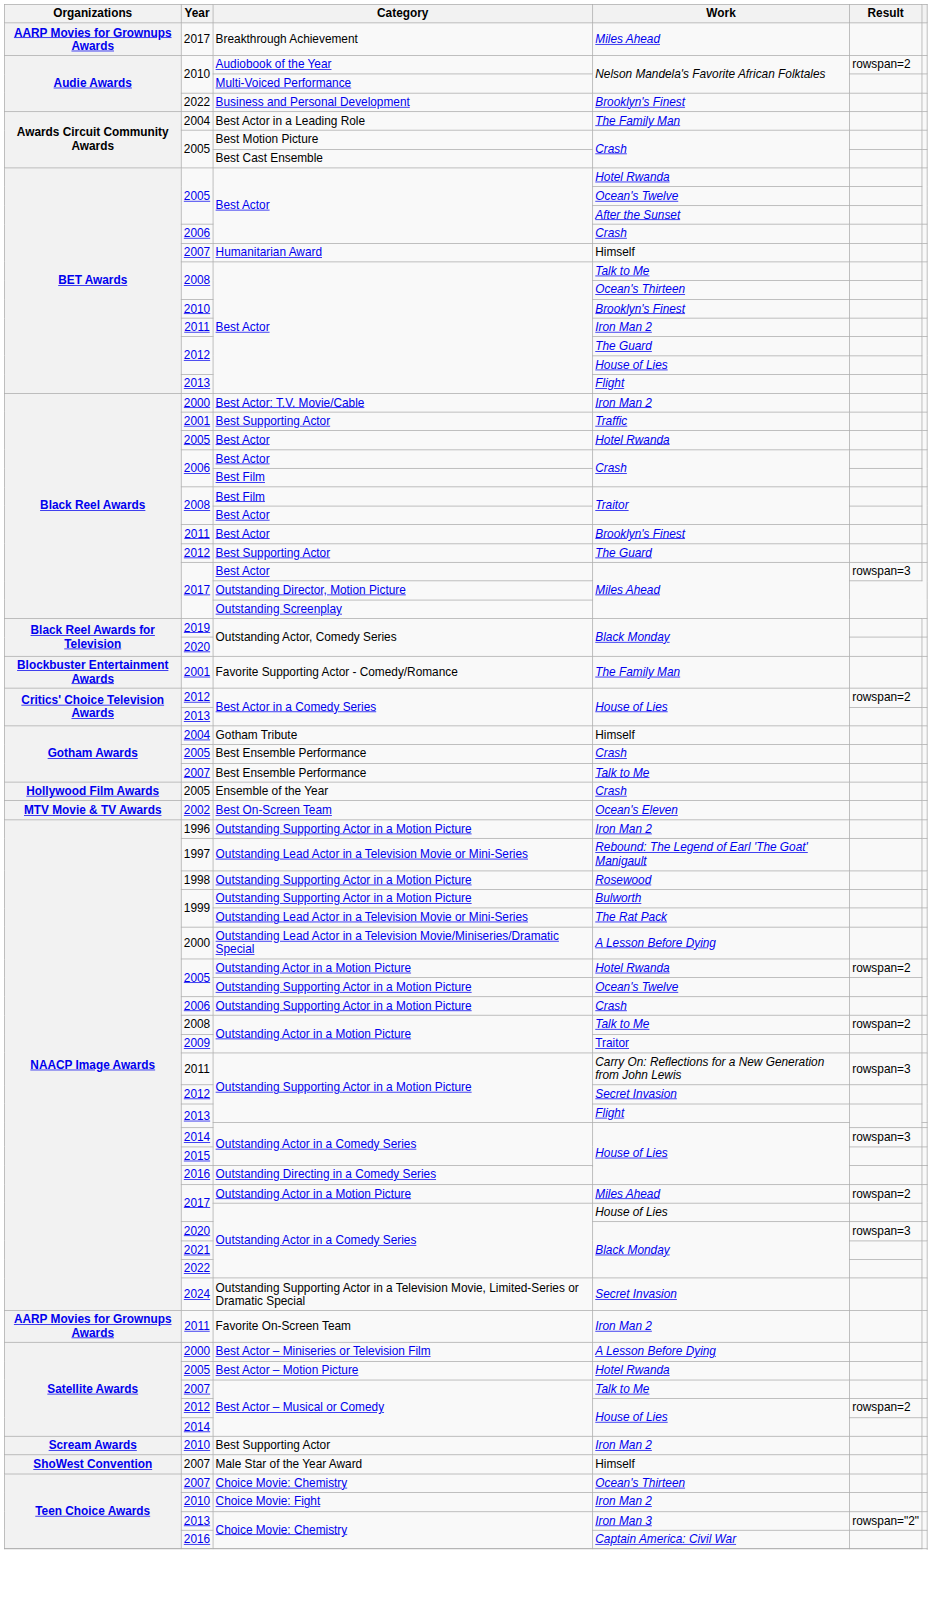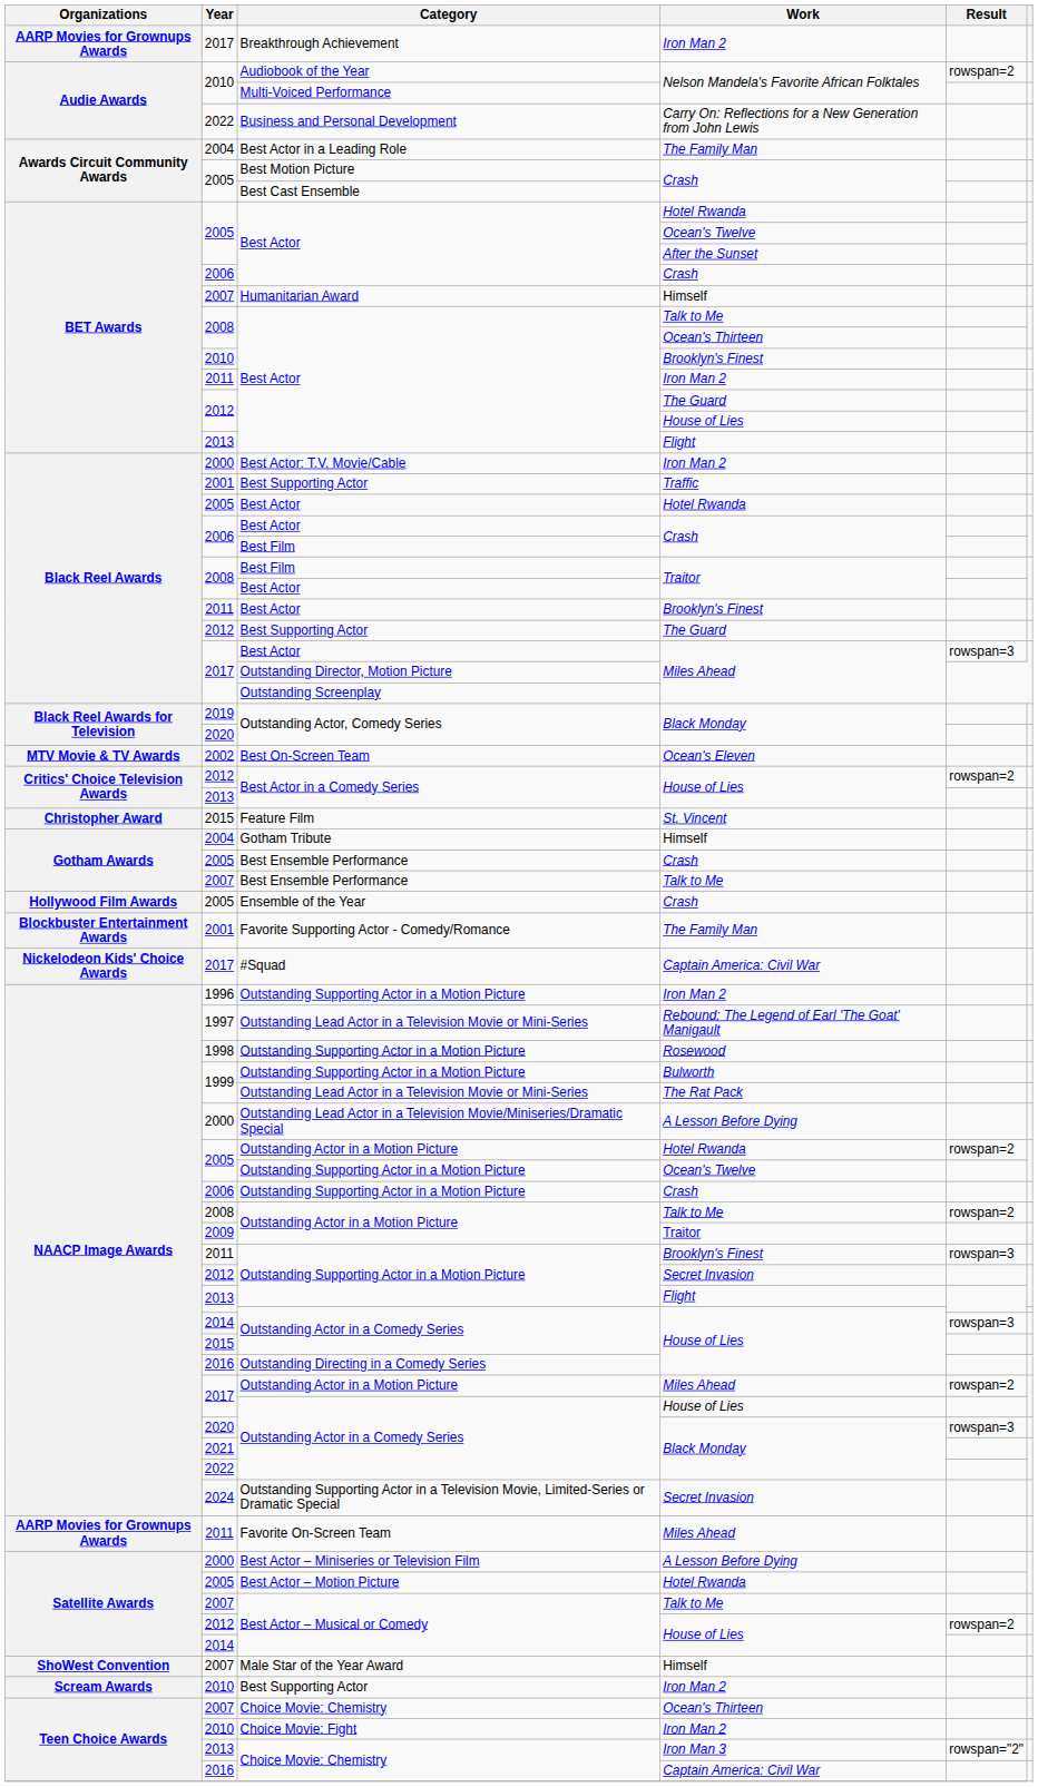 <table class= "wikitable plainrowheaders sortable">
 <tr>
 <th>Organizations</th>
 <th scope="col">Year</th>
 <th scope="col">Category</th>
 <th scope="col">Work</th>
 <th scope="col">Result</th>
 <th scope="col" class="unsortable"></th>
 </tr>
 <tr>
 <th scope="row" rowspan="1"><a href='#'>AARP Movies for Grownups Awards</a></th>
 <td style="text-align:center;">2017</td>
 <td>Breakthrough Achievement</td>
-<td><em><a href='#'>Miles Ahead</a></em></td>
+<td><em><a href='#'>Iron Man 2</a></em></td>
 <td></td>
 <td style="text-align:center;"></td>
 </tr>
 <tr>
 <th scope="row" rowspan="3"><a href='#'>Audie Awards</a></th>
 <td style="text-align:center;", rowspan=2>2010</td>
 <td><a href='#'>Audiobook of the Year</a></td>
 <td rowspan=2><em>Nelson Mandela's Favorite African Folktales</em></td>
 <td>rowspan=2 </td>
 <td rowspan=1></td>
 </tr>
 <tr>
 <td><a href='#'>Multi-Voiced Performance</a></td>
 <td></td>
 </tr>
 <tr>
 <td style="text-align:center;">2022</td>
 <td><a href='#'>Business and Personal Development</a></td>
-<td><em><a href='#'>Brooklyn's Finest</a></em></td>
+<td><em>Carry On: Reflections for a New Generation from John Lewis </em></td>
 <td></td>
 <td></td>
 </tr>
 <tr>
 <th scope="row" rowspan="3">Awards Circuit Community Awards</th>
 <td>2004</td>
 <td>Best Actor in a Leading Role</td>
 <td><em><a href='#'>The Family Man</a></em></td>
 <td></td>
 <td></td>
 </tr>
 <tr>
 <td rowspan=2>2005</td>
 <td>Best Motion Picture</td>
 <td rowspan=2><em><a href='#'>Crash</a></em></td>
 <td></td>
 <td></td>
 </tr>
 <tr>
 <td>Best Cast Ensemble</td>
 <td></td>
 <td></td>
 </tr>
 <tr>
 <th scope="row" rowspan="12"><a href='#'>BET Awards</a></th>
 <td rowspan="3" style="text-align:center;"><a href='#'>2005</a></td>
 <td rowspan="4"><a href='#'>Best Actor</a></td>
 <td><em><a href='#'>Hotel Rwanda</a></em></td>
 <td></td>
 <td style="text-align: center;" rowspan="3"></td>
 </tr>
 <tr>
 <td><em><a href='#'>Ocean's Twelve</a></em></td>
 <td></td>
 </tr>
 <tr>
 <td><em><a href='#'>After the Sunset</a></em></td>
 <td></td>
 </tr>
 <tr>
 <td style="text-align:center;"><a href='#'>2006</a></td>
 <td><em><a href='#'>Crash</a></em></td>
 <td></td>
 <td style="text-align: center;"></td>
 </tr>
 <tr>
 <td style="text-align:center;"><a href='#'>2007</a></td>
 <td><a href='#'>Humanitarian Award</a></td>
 <td>Himself</td>
 <td></td>
 <td style="text-align: center;"></td>
 </tr>
 <tr>
 <td rowspan="2" style="text-align:center;"><a href='#'>2008</a></td>
 <td rowspan="7"><a href='#'>Best Actor</a></td>
 <td><em><a href='#'>Talk to Me</a></em></td>
 <td></td>
 <td style="text-align: center;" rowspan="2"></td>
 </tr>
 <tr>
 <td><em><a href='#'>Ocean's Thirteen</a></em></td>
 <td></td>
 </tr>
 <tr>
 <td style="text-align:center;"><a href='#'>2010</a></td>
 <td><em><a href='#'>Brooklyn's Finest</a></em></td>
 <td></td>
 <td style="text-align: center;" rowspan="1"></td>
 </tr>
 <tr>
 <td style="text-align:center;"><a href='#'>2011</a></td>
 <td><em><a href='#'>Iron Man 2</a></em></td>
 <td></td>
 <td style="text-align: center;" rowspan="1"></td>
 </tr>
 <tr>
 <td rowspan="2" style="text-align:center;"><a href='#'>2012</a></td>
 <td><em><a href='#'>The Guard</a></em></td>
 <td></td>
 <td style="text-align: center;" rowspan="2"></td>
 </tr>
 <tr>
 <td><em><a href='#'>House of Lies</a></em></td>
 <td></td>
 </tr>
 <tr>
 <td rowspan="1" style="text-align:center;"><a href='#'>2013</a></td>
 <td><em><a href='#'>Flight</a></em></td>
 <td></td>
 <td style="text-align: center;"></td>
 </tr>
 <tr>
 <th scope="row" rowspan="12"><a href='#'>Black Reel Awards</a></th>
 <td style="text-align:center;"><a href='#'>2000</a></td>
 <td><a href='#'>Best Actor: T.V. Movie/Cable</a></td>
 <td><em><a href='#'>Iron Man 2</a></em></td>
 <td></td>
 <td></td>
 </tr>
 <tr>
 <td style="text-align:center;"><a href='#'>2001</a></td>
 <td><a href='#'>Best Supporting Actor</a></td>
 <td><em><a href='#'>Traffic</a></em></td>
 <td></td>
 <td></td>
 </tr>
 <tr>
 <td style="text-align:center;"><a href='#'>2005</a></td>
 <td><a href='#'>Best Actor</a></td>
 <td><em><a href='#'>Hotel Rwanda</a></em></td>
 <td></td>
 <td></td>
 </tr>
 <tr>
 <td style="text-align:center;" rowspan=2><a href='#'>2006</a></td>
 <td><a href='#'>Best Actor</a></td>
 <td rowspan=2><em><a href='#'>Crash</a></em></td>
 <td></td>
 <td rowspan=2></td>
 </tr>
 <tr>
 <td><a href='#'>Best Film</a></td>
 <td></td>
 </tr>
 <tr>
 <td style="text-align:center;" rowspan=2><a href='#'>2008</a></td>
 <td><a href='#'>Best Film</a></td>
 <td rowspan=2><em><a href='#'>Traitor</a></em></td>
 <td></td>
 </tr>
 <tr>
 <td><a href='#'>Best Actor</a></td>
 <td></td>
 </tr>
 <tr>
 <td style="text-align:center;"><a href='#'>2011</a></td>
 <td><a href='#'>Best Actor</a></td>
 <td><em><a href='#'>Brooklyn's Finest</a></em></td>
 <td></td>
 <td></td>
 </tr>
 <tr>
 <td style="text-align:center;"><a href='#'>2012</a></td>
 <td><a href='#'>Best Supporting Actor</a></td>
 <td><em><a href='#'>The Guard</a></em></td>
 <td></td>
 <td></td>
 </tr>
 <tr>
 <td style="text-align:center;" rowspan=3><a href='#'>2017</a></td>
 <td><a href='#'>Best Actor</a></td>
 <td rowspan=3><em><a href='#'>Miles Ahead</a></em></td>
 <td>rowspan=3 </td>
 </tr>
 <tr>
 <td><a href='#'>Outstanding Director, Motion Picture</a></td>
 </tr>
 <tr>
 <td><a href='#'>Outstanding Screenplay</a></td>
 </tr>
 <tr>
 <th scope="row" rowspan="2"><a href='#'>Black Reel Awards for Television</a></th>
 <td><a href='#'>2019</a></td>
 <td rowspan=2>Outstanding Actor, Comedy Series</td>
 <td rowspan=2><em><a href='#'>Black Monday</a></em></td>
 <td></td>
 <td></td>
 </tr>
 <tr>
 <td><a href='#'>2020</a></td>
 <td></td>
 <td style="text-align:center;"></td>
 </tr>
 <tr>
-<th scope="row" rowspan="1"><a href='#'>Blockbuster Entertainment Awards</a></th>
-<td><a href='#'>2001</a></td>
-<td>Favorite Supporting Actor - Comedy/Romance</td>
-<td><em><a href='#'>The Family Man</a></em></td>
+<th scope="row" rowspan="1"><a href='#'>MTV Movie & TV Awards</a></th>
+<td style="text-align:center;"><a href='#'>2002</a></td>
+<td><a href='#'>Best On-Screen Team</a></td>
+<td><em><a href='#'>Ocean's Eleven</a></em></td>
 <td></td>
-<td></td>
+<td style="text-align:center;"></td>
 </tr>
 <tr>
 <th scope="row" rowspan="2"><a href='#'>Critics' Choice Television Awards</a></th>
 <td style="text-align:center;"><a href='#'>2012</a></td>
 <td rowspan=2><a href='#'>Best Actor in a Comedy Series</a></td>
 <td rowspan=2><em><a href='#'>House of Lies</a></em></td>
 <td>rowspan=2 </td>
 <td style="text-align:center;"></td>
 </tr>
 <tr>
 <td style="text-align:center;"><a href='#'>2013</a></td>
 <td style="text-align:center;"></td>
+</tr>
+<tr>
+<th scope="row" rowspan="1"><a href='#'>Christopher Award</a></th>
+<td>2015</td>
+<td>Feature Film</td>
+<td><em><a href='#'>St. Vincent</a></em></td>
+<td></td>
+<td></td>
 </tr>
 <tr>
 <th scope="row" rowspan="3"><a href='#'>Gotham Awards</a></th>
 <td><a href='#'>2004</a></td>
 <td>Gotham Tribute</td>
 <td>Himself</td>
 <td></td>
 <td style="text-align:center;"></td>
 </tr>
 <tr>
 <td><a href='#'>2005</a></td>
 <td>Best Ensemble Performance</td>
 <td><em><a href='#'>Crash</a></em></td>
 <td></td>
 <td style="text-align:center;"></td>
 </tr>
 <tr>
 <td><a href='#'>2007</a></td>
 <td>Best Ensemble Performance</td>
 <td><em><a href='#'>Talk to Me</a></em></td>
 <td></td>
 <td style="text-align:center;"></td>
 </tr>
 <tr>
 <th scope="row" rowspan="1"><a href='#'>Hollywood Film Awards</a></th>
 <td style="text-align:center;">2005</td>
 <td>Ensemble of the Year</td>
 <td><em><a href='#'>Crash</a></em></td>
 <td></td>
 <td></td>
 </tr>
 <tr>
-<th scope="row" rowspan="1"><a href='#'>MTV Movie & TV Awards</a></th>
-<td style="text-align:center;"><a href='#'>2002</a></td>
-<td><a href='#'>Best On-Screen Team</a></td>
-<td><em><a href='#'>Ocean's Eleven</a></em></td>
+<th scope="row" rowspan="1"><a href='#'>Blockbuster Entertainment Awards</a></th>
+<td><a href='#'>2001</a></td>
+<td>Favorite Supporting Actor - Comedy/Romance</td>
+<td><em><a href='#'>The Family Man</a></em></td>
+<td></td>
+<td></td>
+</tr>
+<tr>
+<th scope="row" rowspan="1"><a href='#'>Nickelodeon Kids' Choice Awards</a></th>
+<td style="text-align:center;"><a href='#'>2017</a></td>
+<td>#Squad</td>
+<td><em><a href='#'>Captain America: Civil War</a></em></td>
 <td></td>
 <td style="text-align:center;"></td>
 </tr>
 <tr>
 <th scope="row" rowspan="25"><a href='#'>NAACP Image Awards</a></th>
 <td style="text-align:center;">1996</td>
 <td><a href='#'>Outstanding Supporting Actor in a Motion Picture</a></td>
 <td><em><a href='#'>Iron Man 2</a></em></td>
 <td></td>
 <td></td>
 </tr>
 <tr>
 <td style="text-align:center;">1997</td>
 <td><a href='#'>Outstanding Lead Actor in a Television Movie or Mini-Series</a></td>
 <td><em><a href='#'>Rebound: The Legend of Earl 'The Goat' Manigault</a></em></td>
 <td></td>
 <td></td>
 </tr>
 <tr>
 <td style="text-align:center;">1998</td>
 <td><a href='#'>Outstanding Supporting Actor in a Motion Picture</a></td>
 <td><em><a href='#'>Rosewood</a></em></td>
 <td></td>
 <td></td>
 </tr>
 <tr>
 <td style="text-align:center;" rowspan=2>1999</td>
 <td><a href='#'>Outstanding Supporting Actor in a Motion Picture</a></td>
 <td><em><a href='#'>Bulworth</a></em></td>
 <td></td>
 <td></td>
 </tr>
 <tr>
 <td><a href='#'>Outstanding Lead Actor in a Television Movie or Mini-Series</a></td>
 <td><em><a href='#'>The Rat Pack</a></em></td>
 <td></td>
 <td></td>
 </tr>
 <tr>
 <td style="text-align:center;">2000</td>
 <td><a href='#'>Outstanding Lead Actor in a Television Movie/Miniseries/Dramatic Special</a></td>
 <td><em><a href='#'>A Lesson Before Dying</a></em></td>
 <td></td>
 <td></td>
 </tr>
 <tr>
 <td style="text-align:center;" rowspan=2><a href='#'>2005</a></td>
 <td><a href='#'>Outstanding Actor in a Motion Picture</a></td>
 <td><em><a href='#'>Hotel Rwanda</a></em></td>
 <td>rowspan=2 </td>
 <td rowspan=2></td>
 </tr>
 <tr>
 <td><a href='#'>Outstanding Supporting Actor in a Motion Picture</a></td>
 <td><em><a href='#'>Ocean's Twelve</a></em></td>
 </tr>
 <tr>
 <td style="text-align:center;"><a href='#'>2006</a></td>
 <td><a href='#'>Outstanding Supporting Actor in a Motion Picture</a></td>
 <td><em><a href='#'>Crash</a></em></td>
 <td></td>
 <td></td>
 </tr>
 <tr>
 <td style="text-align:center;">2008</td>
 <td rowspan=2><a href='#'>Outstanding Actor in a Motion Picture</a></td>
 <td><em><a href='#'>Talk to Me</a></em></td>
 <td>rowspan=2 </td>
 <td></td>
 </tr>
 <tr>
 <td style="text-align:center;"><a href='#'>2009</a></td>
 <td><a href='#'>Traitor</a></td>
 <td></td>
 </tr>
 <tr>
 <td style="text-align:center;">2011</td>
 <td rowspan=3><a href='#'>Outstanding Supporting Actor in a Motion Picture</a></td>
-<td><em>Carry On: Reflections for a New Generation from John Lewis </em></td>
+<td><em><a href='#'>Brooklyn's Finest</a></em></td>
 <td>rowspan=3 </td>
 <td></td>
 </tr>
 <tr>
 <td style="text-align:center;"><a href='#'>2012</a></td>
 <td><em><a href='#'>Secret Invasion</a></em></td>
 <td></td>
 </tr>
 <tr>
 <td style="text-align:center;" rowspan=2><a href='#'>2013</a></td>
 <td><em><a href='#'>Flight</a></em></td>
 <td rowspan=2></td>
 </tr>
 <tr>
 <td rowspan=4><a href='#'>Outstanding Actor in a Comedy Series</a></td>
 <td rowspan=5><em><a href='#'>House of Lies</a></em></td>
 <td></td>
 </tr>
 <tr>
 <td style="text-align:center;"><a href='#'>2014</a></td>
 <td>rowspan=3 </td>
 <td></td>
 </tr>
 <tr>
 <td style="text-align:center;"><a href='#'>2015</a></td>
 <td></td>
 </tr>
 <tr>
 <td style="text-align:center;" rowspan=2><a href='#'>2016</a></td>
 <td rowspan=2></td>
 </tr>
 <tr>
 <td><a href='#'>Outstanding Directing in a Comedy Series</a></td>
 <td></td>
 </tr>
 <tr>
 <td style="text-align:center;" rowspan=2><a href='#'>2017</a></td>
 <td><a href='#'>Outstanding Actor in a Motion Picture</a></td>
 <td><em><a href='#'>Miles Ahead</a></em></td>
 <td>rowspan=2 </td>
 <td rowspan=2></td>
 </tr>
 <tr>
 <td rowspan=4><a href='#'>Outstanding Actor in a Comedy Series</a></td>
 <td><em>House of Lies</em></td>
 </tr>
 <tr>
 <td style="text-align:center;"><a href='#'>2020</a></td>
 <td rowspan=3><em><a href='#'>Black Monday</a></em></td>
 <td>rowspan=3 </td>
 <td></td>
 </tr>
 <tr>
 <td style="text-align:center;"><a href='#'>2021</a></td>
 <td></td>
 </tr>
 <tr>
 <td style="text-align:center;"><a href='#'>2022</a></td>
 <td></td>
 </tr>
 <tr>
 <td style="text-align:center;"><a href='#'>2024</a></td>
 <td>Outstanding Supporting Actor in a Television Movie, Limited-Series or Dramatic Special</td>
 <td><em><a href='#'>Secret Invasion</a></em></td>
 <td></td>
 <td></td>
 </tr>
 <tr>
 <th scope="row" rowspan="1"><a href='#'>AARP Movies for Grownups Awards</a></th>
 <td style="text-align:center;"><a href='#'>2011</a></td>
 <td>Favorite On-Screen Team</td>
-<td><em><a href='#'>Iron Man 2</a></em></td>
+<td><em><a href='#'>Miles Ahead</a></em></td>
 <td></td>
 <td style="text-align:center;"></td>
 </tr>
 <tr>
 <th scope="row" rowspan="5"><a href='#'>Satellite Awards</a></th>
 <td Scope=row, style="text-align:center;"><a href='#'>2000</a></td>
 <td><a href='#'>Best Actor – Miniseries or Television Film</a></td>
 <td><em><a href='#'>A Lesson Before Dying</a></em></td>
 <td></td>
 </tr>
 <tr>
 <td Scope=row, style="text-align:center;"><a href='#'>2005</a></td>
 <td><a href='#'>Best Actor – Motion Picture</a></td>
 <td><em><a href='#'>Hotel Rwanda</a></em></td>
 <td></td>
 </tr>
 <tr>
 <td Scope=row, style="text-align:center;"><a href='#'>2007</a></td>
 <td rowspan=3><a href='#'>Best Actor – Musical or Comedy</a></td>
 <td><em><a href='#'>Talk to Me</a></em></td>
 <td></td>
 <td style="text-align:center;"></td>
 </tr>
 <tr>
 <td Scope=row, style="text-align:center;"><a href='#'>2012</a></td>
 <td rowspan=2><em><a href='#'>House of Lies</a></em></td>
 <td>rowspan=2 </td>
 <td style="text-align:center;"></td>
 </tr>
 <tr>
 <td Scope=row, style="text-align:center;"><a href='#'>2014</a></td>
 <td style="text-align:center;"></td>
 </tr>
 <tr>
+<th scope="row" rowspan="1"><a href='#'>ShoWest Convention</a></th>
+<td Scope=row, style="text-align:center;" rowspan="1">2007</td>
+<td>Male Star of the Year Award</td>
+<td>Himself</td>
+<td></td>
+<td style="text-align:center;"></td>
+</tr>
+<tr>
 <th scope="row" rowspan="1"><a href='#'>Scream Awards</a></th>
 <td Scope=row, style="text-align:center;" rowspan="1"><a href='#'>2010</a></td>
 <td>Best Supporting Actor</td>
 <td><em><a href='#'>Iron Man 2</a></em></td>
-<td></td>
-<td style="text-align:center;"></td>
-</tr>
-<tr>
-<th scope="row" rowspan="1"><a href='#'>ShoWest Convention</a></th>
-<td Scope=row, style="text-align:center;" rowspan="1">2007</td>
-<td>Male Star of the Year Award</td>
-<td>Himself</td>
 <td></td>
 <td style="text-align:center;"></td>
 </tr>
 <tr>
 <th scope="row" rowspan="4"><a href='#'>Teen Choice Awards</a></th>
 <td Scope=row, style="text-align:center;"><a href='#'>2007</a></td>
 <td><a href='#'>Choice Movie: Chemistry</a></td>
 <td><em><a href='#'>Ocean's Thirteen</a></em></td>
 <td></td>
 <td style="text-align:center;"></td>
 </tr>
 <tr>
 <td Scope=row, style="text-align:center;"><a href='#'>2010</a></td>
 <td><a href='#'>Choice Movie: Fight</a></td>
 <td><em><a href='#'>Iron Man 2</a></em></td>
 <td></td>
 <td style="text-align:center;"></td>
 </tr>
 <tr>
 <td Scope=row, style="text-align:center;"><a href='#'>2013</a></td>
 <td rowspan="2"><a href='#'>Choice Movie: Chemistry</a></td>
 <td><em><a href='#'>Iron Man 3</a></em></td>
 <td>rowspan="2" </td>
 <td style="text-align:center;"></td>
 </tr>
 <tr>
 <td Scope=row, style="text-align:center;"><a href='#'>2016</a></td>
 <td><em><a href='#'>Captain America: Civil War</a></em></td>
 <td style="text-align:center;"></td>
 </tr>
 <tr>
 </tr>
 </table>
